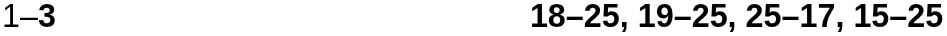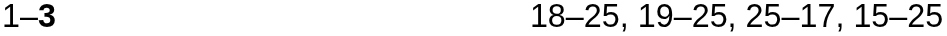 <table>
 <tr>
 <th width=200></th>
 <th width=80></th>
 <th width=200></th>
 <th width=220></th>
 </tr>
 <tr>
 <td align=right></td>
 <td align=center>1–<strong>3</strong></td>
 <td><strong></strong></td>
-<td><strong>18–25, 19–25, 25–17, 15–25</strong></td>
+<td>18–25, 19–25, 25–17, 15–25</td>
 </tr>
 </table>
